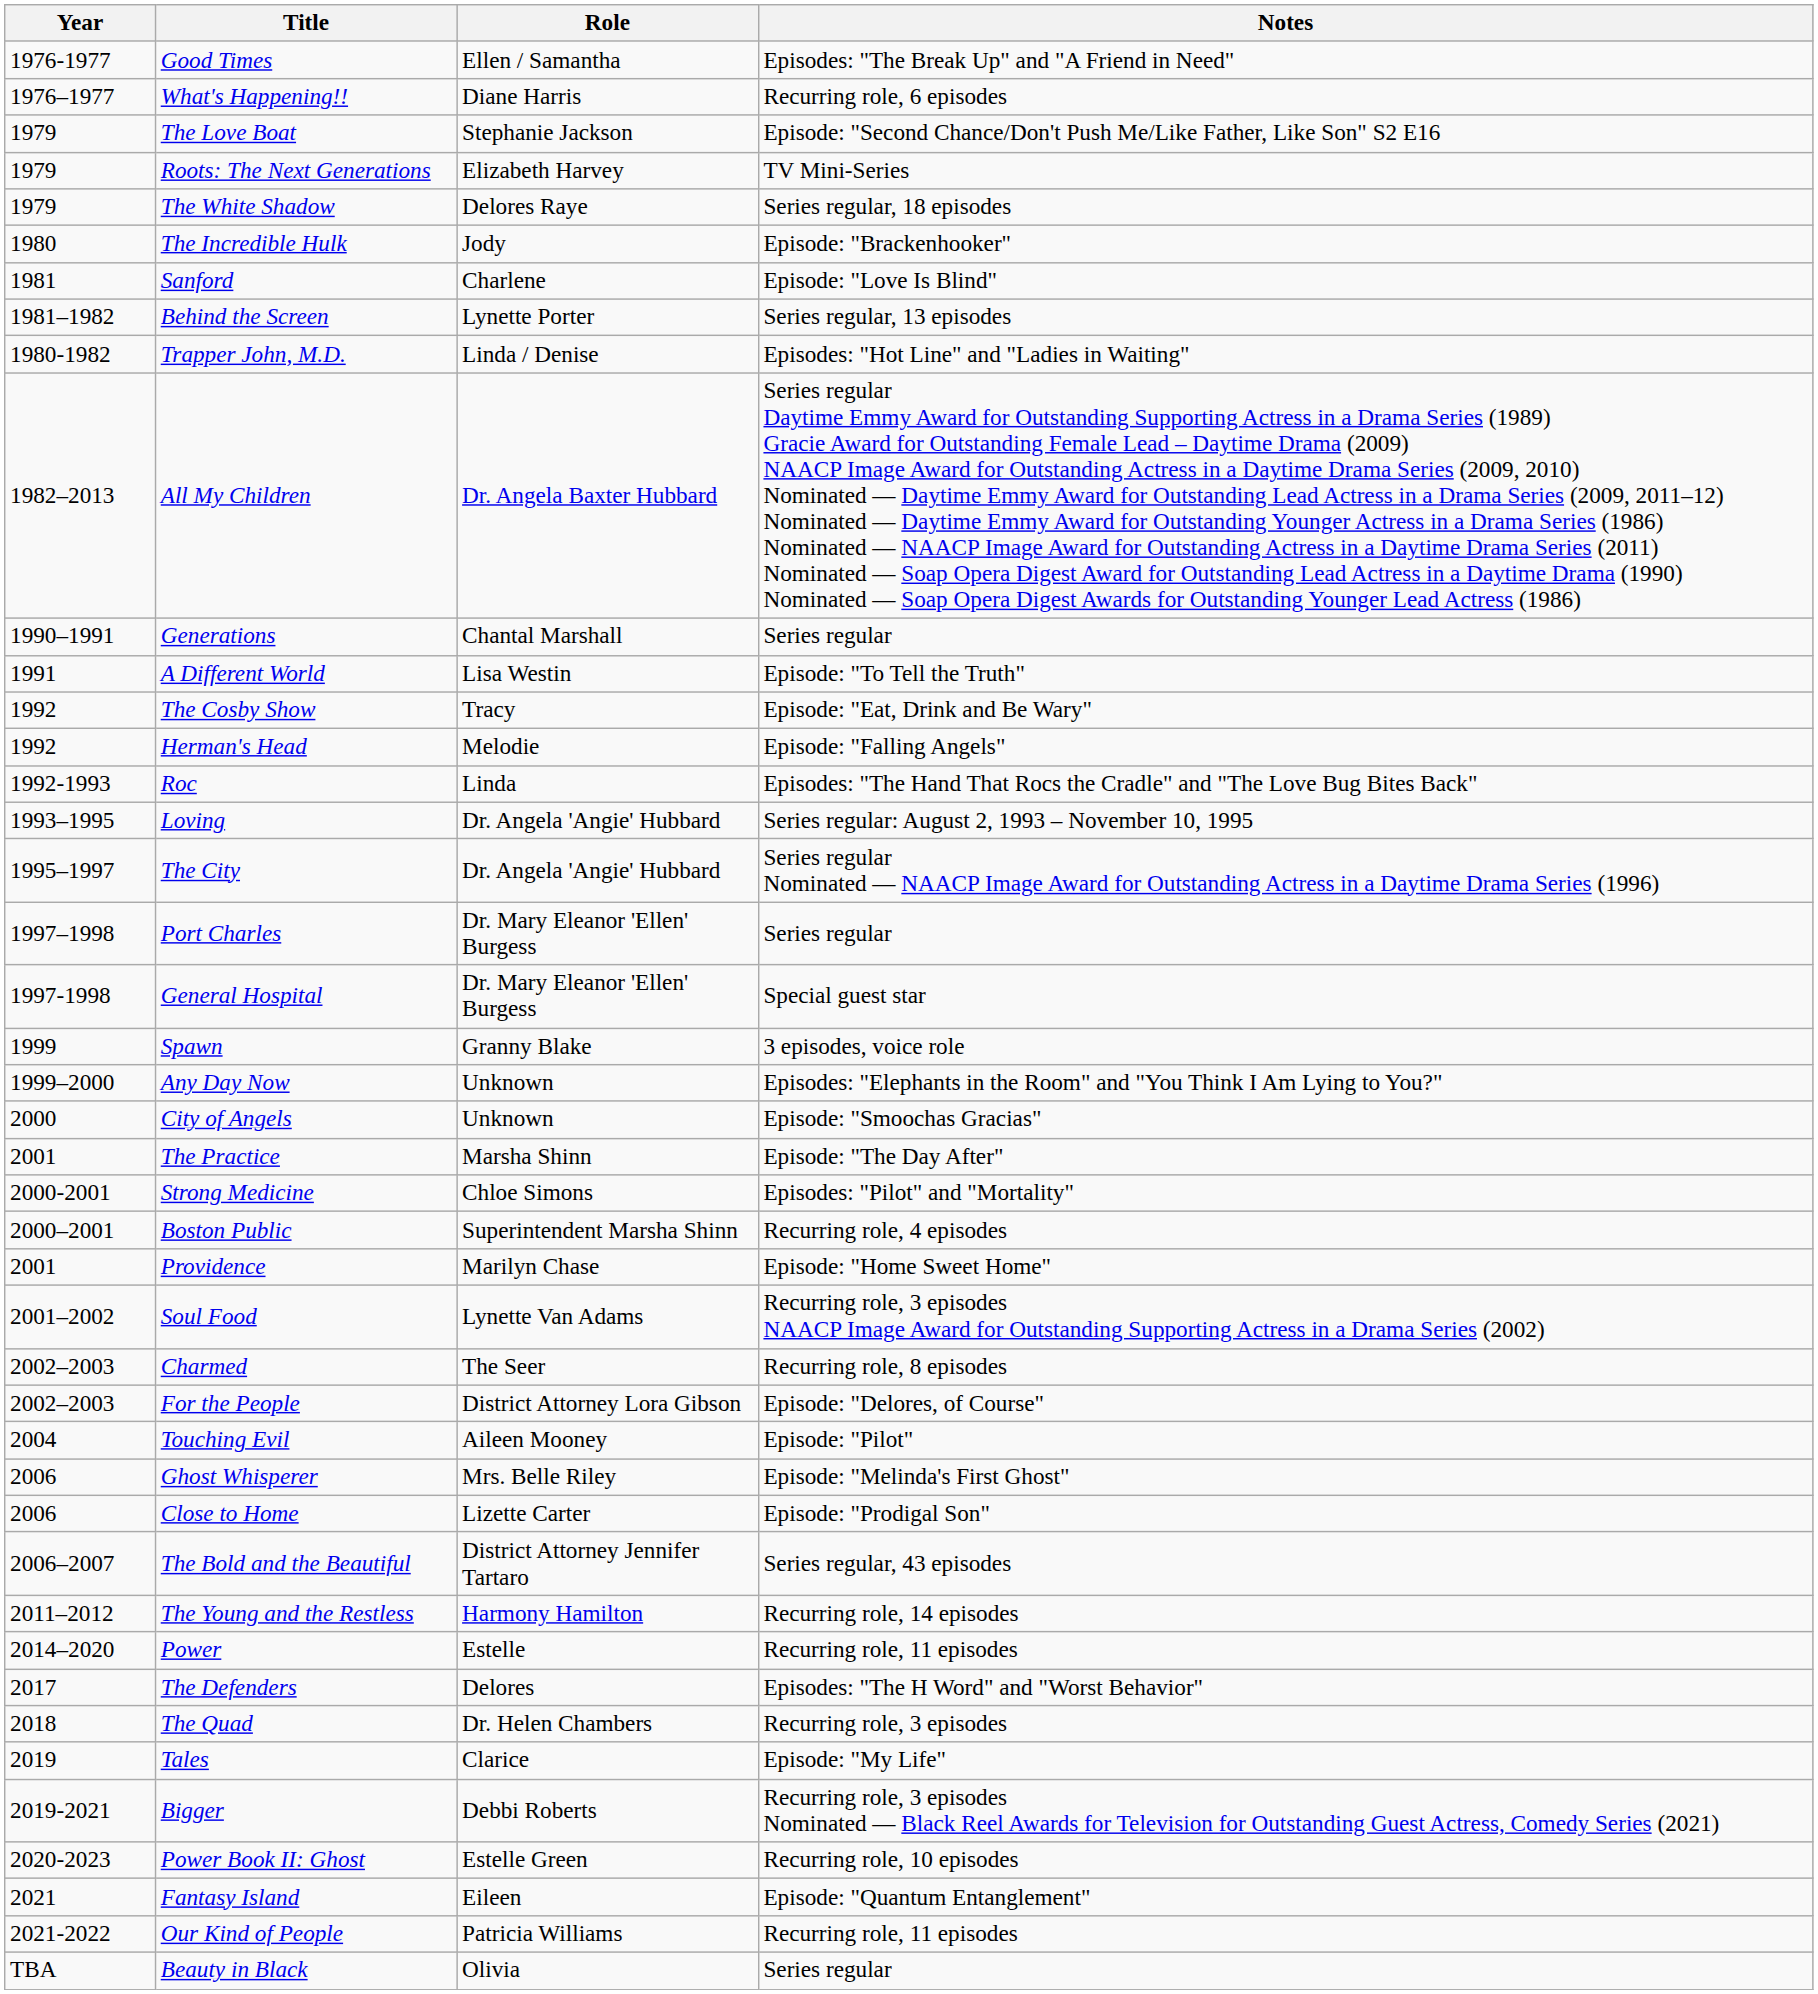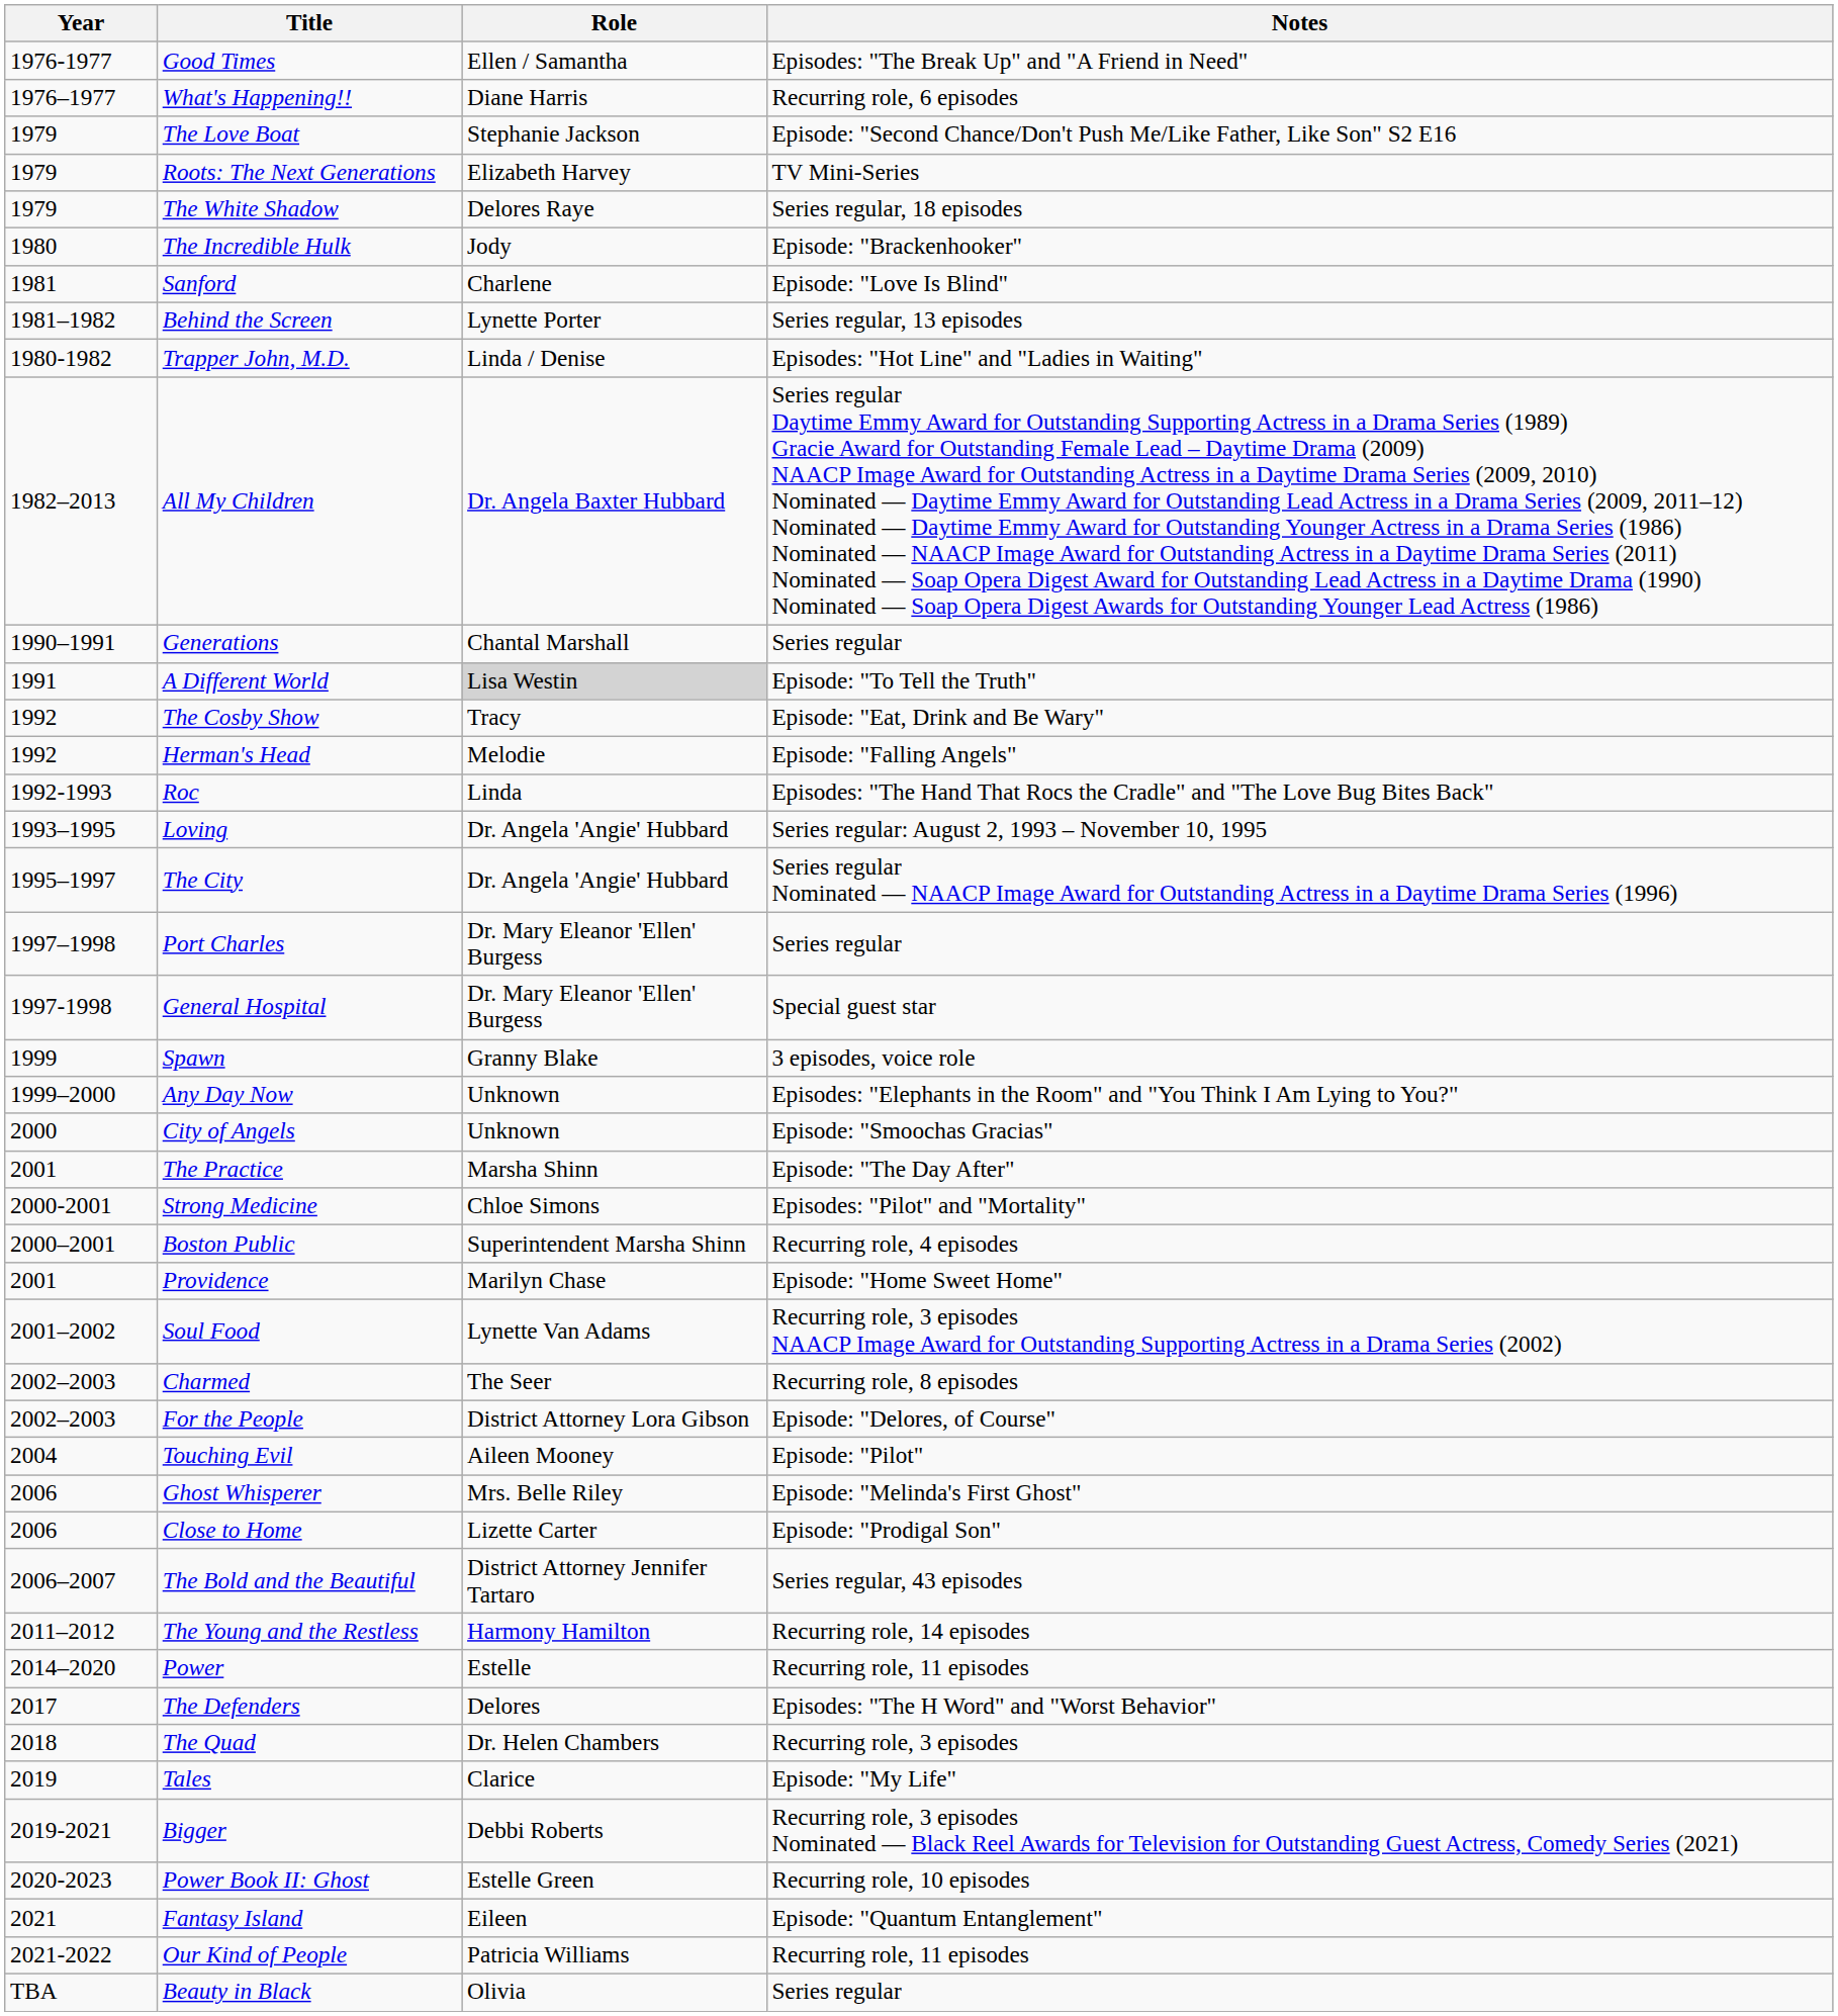 <table class="wikitable sortable">
 <tr>
 <th style="width:5%;">Year</th>
 <th style="width:10%;">Title</th>
 <th style="width:10%;">Role</th>
 <th class="unsortable" style="width:35%;">Notes</th>
 </tr>
 <tr>
 <td>1976-1977</td>
 <td><em><a href='#'>Good Times</a></em></td>
 <td>Ellen / Samantha</td>
 <td>Episodes: "The Break Up" and "A Friend in Need"</td>
 </tr>
 <tr>
 <td>1976–1977</td>
 <td><em><a href='#'>What's Happening!!</a></em></td>
 <td>Diane Harris</td>
 <td>Recurring role, 6 episodes</td>
 </tr>
 <tr>
 <td>1979</td>
 <td><em><a href='#'>The Love Boat</a></em></td>
 <td>Stephanie Jackson</td>
 <td>Episode: "Second Chance/Don't Push Me/Like Father, Like Son" S2 E16</td>
 </tr>
 <tr>
 <td>1979</td>
 <td><em><a href='#'>Roots: The Next Generations</a></em></td>
 <td>Elizabeth Harvey</td>
 <td>TV Mini-Series</td>
 </tr>
 <tr>
 <td>1979</td>
 <td><em><a href='#'>The White Shadow</a></em></td>
 <td>Delores Raye</td>
 <td>Series regular, 18 episodes</td>
 </tr>
 <tr>
 <td>1980</td>
 <td><em><a href='#'>The Incredible Hulk</a></em></td>
 <td>Jody</td>
 <td>Episode: "Brackenhooker"</td>
 </tr>
 <tr>
 <td>1981</td>
 <td><em><a href='#'>Sanford</a></em></td>
 <td>Charlene</td>
 <td>Episode: "Love Is Blind"</td>
 </tr>
 <tr>
 <td>1981–1982</td>
 <td><em><a href='#'>Behind the Screen</a></em></td>
 <td>Lynette Porter</td>
 <td>Series regular, 13 episodes</td>
 </tr>
 <tr>
 <td>1980-1982</td>
 <td><em><a href='#'>Trapper John, M.D.</a></em></td>
 <td>Linda / Denise</td>
 <td>Episodes: "Hot Line" and "Ladies in Waiting"</td>
 </tr>
 <tr>
 <td>1982–2013</td>
 <td><em><a href='#'>All My Children</a></em></td>
 <td><a href='#'>Dr. Angela Baxter Hubbard</a></td>
 <td>Series regular<br><a href='#'>Daytime Emmy Award for Outstanding Supporting Actress in a Drama Series</a> (1989)<br><a href='#'>Gracie Award for Outstanding Female Lead – Daytime Drama</a> (2009)<br><a href='#'>NAACP Image Award for Outstanding Actress in a Daytime Drama Series</a> (2009, 2010)<br>Nominated — <a href='#'>Daytime Emmy Award for Outstanding Lead Actress in a Drama Series</a> (2009, 2011–12)<br>Nominated — <a href='#'>Daytime Emmy Award for Outstanding Younger Actress in a Drama Series</a> (1986)<br>Nominated — <a href='#'>NAACP Image Award for Outstanding Actress in a Daytime Drama Series</a> (2011)<br>Nominated — <a href='#'>Soap Opera Digest Award for Outstanding Lead Actress in a Daytime Drama</a> (1990)<br>Nominated — <a href='#'>Soap Opera Digest Awards for Outstanding Younger Lead Actress</a> (1986)</td>
 </tr>
 <tr>
 <td>1990–1991</td>
 <td><em><a href='#'>Generations</a></em></td>
 <td>Chantal Marshall</td>
 <td>Series regular</td>
 </tr>
 <tr>
 <td>1991</td>
 <td><em><a href='#'>A Different World</a></em></td>
-<td>Lisa Westin</td>
+<td style="background: lightgrey;">Lisa Westin</td>
 <td>Episode: "To Tell the Truth"</td>
 </tr>
 <tr>
 <td>1992</td>
 <td><em><a href='#'>The Cosby Show</a></em></td>
 <td>Tracy</td>
 <td>Episode: "Eat, Drink and Be Wary"</td>
 </tr>
 <tr>
 <td>1992</td>
 <td><em><a href='#'>Herman's Head</a></em></td>
 <td>Melodie</td>
 <td>Episode: "Falling Angels"</td>
 </tr>
 <tr>
 <td>1992-1993</td>
 <td><em><a href='#'>Roc</a></em></td>
 <td>Linda</td>
 <td>Episodes: "The Hand That Rocs the Cradle" and "The Love Bug Bites Back"</td>
 </tr>
 <tr>
 <td>1993–1995</td>
 <td><em><a href='#'>Loving</a></em></td>
 <td>Dr. Angela 'Angie' Hubbard</td>
 <td>Series regular: August 2, 1993 – November 10, 1995</td>
 </tr>
 <tr>
 <td>1995–1997</td>
 <td><em><a href='#'>The City</a></em></td>
 <td>Dr. Angela 'Angie' Hubbard</td>
 <td>Series regular<br>Nominated — <a href='#'>NAACP Image Award for Outstanding Actress in a Daytime Drama Series</a> (1996)</td>
 </tr>
 <tr>
 <td>1997–1998</td>
 <td><em><a href='#'>Port Charles</a></em></td>
 <td>Dr. Mary Eleanor 'Ellen' Burgess</td>
 <td>Series regular</td>
 </tr>
 <tr>
 <td>1997-1998</td>
 <td><em><a href='#'>General Hospital</a></em></td>
 <td>Dr. Mary Eleanor 'Ellen' Burgess</td>
 <td>Special guest star</td>
 </tr>
 <tr>
 <td>1999</td>
 <td><em><a href='#'>Spawn</a></em></td>
 <td>Granny Blake</td>
 <td>3 episodes, voice role</td>
 </tr>
 <tr>
 <td>1999–2000</td>
 <td><em><a href='#'>Any Day Now</a></em></td>
 <td>Unknown</td>
 <td>Episodes: "Elephants in the Room" and "You Think I Am Lying to You?"</td>
 </tr>
 <tr>
 <td>2000</td>
 <td><em><a href='#'>City of Angels</a></em></td>
 <td>Unknown</td>
 <td>Episode: "Smoochas Gracias"</td>
 </tr>
 <tr>
 <td>2001</td>
 <td><em><a href='#'>The Practice</a></em></td>
 <td>Marsha Shinn</td>
 <td>Episode: "The Day After"</td>
 </tr>
 <tr>
 <td>2000-2001</td>
 <td><em><a href='#'>Strong Medicine</a></em></td>
 <td>Chloe Simons</td>
 <td>Episodes: "Pilot" and "Mortality"</td>
 </tr>
 <tr>
 <td>2000–2001</td>
 <td><em><a href='#'>Boston Public</a></em></td>
 <td>Superintendent Marsha Shinn</td>
 <td>Recurring role, 4 episodes</td>
 </tr>
 <tr>
 <td>2001</td>
 <td><em><a href='#'>Providence</a></em></td>
 <td>Marilyn Chase</td>
 <td>Episode: "Home Sweet Home"</td>
 </tr>
 <tr>
 <td>2001–2002</td>
 <td><em><a href='#'>Soul Food</a></em></td>
 <td>Lynette Van Adams</td>
 <td>Recurring role, 3 episodes<br><a href='#'>NAACP Image Award for Outstanding Supporting Actress in a Drama Series</a> (2002)</td>
 </tr>
 <tr>
 <td>2002–2003</td>
 <td><em><a href='#'>Charmed</a></em></td>
 <td>The Seer</td>
 <td>Recurring role, 8 episodes</td>
 </tr>
 <tr>
 <td>2002–2003</td>
 <td><em><a href='#'>For the People</a></em></td>
 <td>District Attorney Lora Gibson</td>
 <td>Episode: "Delores, of Course"</td>
 </tr>
 <tr>
 <td>2004</td>
 <td><em><a href='#'>Touching Evil</a></em></td>
 <td>Aileen Mooney</td>
 <td>Episode: "Pilot"</td>
 </tr>
 <tr>
 <td>2006</td>
 <td><em><a href='#'>Ghost Whisperer</a></em></td>
 <td>Mrs. Belle Riley</td>
 <td>Episode: "Melinda's First Ghost"</td>
 </tr>
 <tr>
 <td>2006</td>
 <td><em><a href='#'>Close to Home</a></em></td>
 <td>Lizette Carter</td>
 <td>Episode: "Prodigal Son"</td>
 </tr>
 <tr>
 <td>2006–2007</td>
 <td><em><a href='#'>The Bold and the Beautiful</a></em></td>
 <td>District Attorney Jennifer Tartaro</td>
 <td>Series regular, 43 episodes</td>
 </tr>
 <tr>
 <td>2011–2012</td>
 <td><em><a href='#'>The Young and the Restless</a></em></td>
 <td><a href='#'>Harmony Hamilton</a></td>
 <td>Recurring role, 14 episodes</td>
 </tr>
 <tr>
 <td>2014–2020</td>
 <td><em><a href='#'>Power</a></em></td>
 <td>Estelle</td>
 <td>Recurring role, 11 episodes</td>
 </tr>
 <tr>
 <td>2017</td>
 <td><em><a href='#'>The Defenders</a></em></td>
 <td>Delores</td>
 <td>Episodes: "The H Word" and "Worst Behavior"</td>
 </tr>
 <tr>
 <td>2018</td>
 <td><em><a href='#'>The Quad</a></em></td>
 <td>Dr. Helen Chambers</td>
 <td>Recurring role, 3 episodes</td>
 </tr>
 <tr>
 <td>2019</td>
 <td><em><a href='#'>Tales</a></em></td>
 <td>Clarice</td>
 <td>Episode: "My Life"</td>
 </tr>
 <tr>
 <td>2019-2021</td>
 <td><em><a href='#'>Bigger</a></em></td>
 <td>Debbi Roberts</td>
 <td>Recurring role, 3 episodes<br>Nominated — <a href='#'>Black Reel Awards for Television for Outstanding Guest Actress, Comedy Series</a> (2021)</td>
 </tr>
 <tr>
 <td>2020-2023</td>
 <td><em><a href='#'>Power Book II: Ghost</a></em></td>
 <td>Estelle Green</td>
 <td>Recurring role, 10 episodes</td>
 </tr>
 <tr>
 <td>2021</td>
 <td><em><a href='#'>Fantasy Island</a></em></td>
 <td>Eileen</td>
 <td>Episode: "Quantum Entanglement"</td>
 </tr>
 <tr>
 <td>2021-2022</td>
 <td><em><a href='#'>Our Kind of People</a></em></td>
 <td>Patricia Williams</td>
 <td>Recurring role, 11 episodes</td>
 </tr>
 <tr>
 <td>TBA</td>
 <td><em><a href='#'>Beauty in Black</a></em></td>
 <td>Olivia</td>
 <td>Series regular</td>
 </tr>
 </table>
